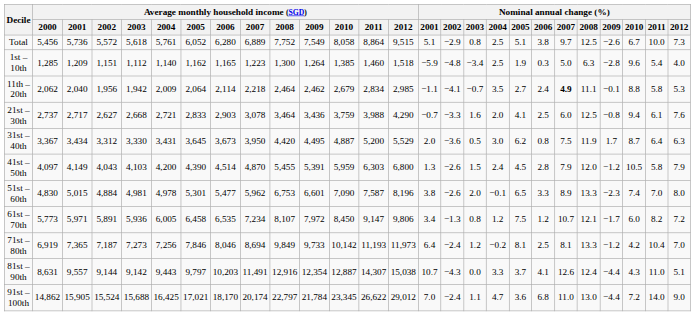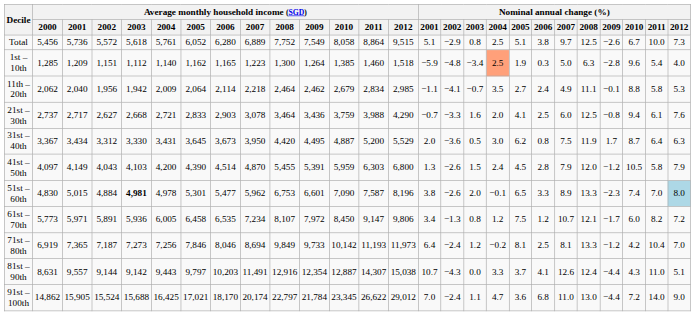 <table class="wikitable" style="text-align:center; font-size: 90%;">
 <tr>
 <th rowspan="2">Decile</th>
 <th colspan="13">Average monthly household income <small>(<a href='#'>SGD</a>)</small></th>
 <th colspan="12">Nominal annual change (%)</th>
 </tr>
 <tr>
 <th>2000</th>
 <th>2001</th>
 <th>2002</th>
 <th>2003</th>
 <th>2004</th>
 <th>2005</th>
 <th>2006</th>
 <th>2007</th>
 <th>2008</th>
 <th>2009</th>
 <th>2010</th>
 <th>2011</th>
 <th>2012</th>
 <th>2001</th>
 <th>2002</th>
 <th>2003</th>
 <th>2004</th>
 <th>2005</th>
 <th>2006</th>
 <th>2007</th>
 <th>2008</th>
 <th>2009</th>
 <th>2010</th>
 <th>2011</th>
 <th>2012</th>
 </tr>
 <tr>
 <td>Total</td>
 <td>5,456</td>
 <td>5,736</td>
 <td>5,572</td>
 <td>5,618</td>
 <td>5,761</td>
 <td>6,052</td>
 <td>6,280</td>
 <td>6,889</td>
 <td>7,752</td>
 <td>7,549</td>
 <td>8,058</td>
 <td>8,864</td>
 <td>9,515</td>
 <td>5.1</td>
 <td>−2.9</td>
 <td>0.8</td>
 <td>2.5</td>
 <td>5.1</td>
 <td>3.8</td>
 <td>9.7</td>
 <td>12.5</td>
 <td>−2.6</td>
 <td>6.7</td>
 <td>10.0</td>
 <td>7.3</td>
 </tr>
 <tr>
 <td>1st – 10th</td>
 <td>1,285</td>
 <td>1,209</td>
 <td>1,151</td>
 <td>1,112</td>
 <td>1,140</td>
 <td>1,162</td>
 <td>1,165</td>
 <td>1,223</td>
 <td>1,300</td>
 <td>1,264</td>
 <td>1,385</td>
 <td>1,460</td>
 <td>1,518</td>
 <td>−5.9</td>
 <td>−4.8</td>
 <td>−3.4</td>
-<td>2.5</td>
+<td style="background: lightsalmon;">2.5</td>
 <td>1.9</td>
 <td>0.3</td>
 <td>5.0</td>
 <td>6.3</td>
 <td>−2.8</td>
 <td>9.6</td>
 <td>5.4</td>
 <td>4.0</td>
 </tr>
 <tr>
 <td>11th – 20th</td>
 <td>2,062</td>
 <td>2,040</td>
 <td>1,956</td>
 <td>1,942</td>
 <td>2,009</td>
 <td>2,064</td>
 <td>2,114</td>
 <td>2,218</td>
 <td>2,464</td>
 <td>2,462</td>
 <td>2,679</td>
 <td>2,834</td>
 <td>2,985</td>
 <td>−1.1</td>
 <td>−4.1</td>
 <td>−0.7</td>
 <td>3.5</td>
 <td>2.7</td>
 <td>2.4</td>
-<td><strong>4.9</strong></td>
+<td>4.9</td>
 <td>11.1</td>
 <td>−0.1</td>
 <td>8.8</td>
 <td>5.8</td>
 <td>5.3</td>
 </tr>
 <tr>
 <td>21st – 30th</td>
 <td>2,737</td>
 <td>2,717</td>
 <td>2,627</td>
 <td>2,668</td>
 <td>2,721</td>
 <td>2,833</td>
 <td>2,903</td>
 <td>3,078</td>
 <td>3,464</td>
 <td>3,436</td>
 <td>3,759</td>
 <td>3,988</td>
 <td>4,290</td>
 <td>−0.7</td>
 <td>−3.3</td>
 <td>1.6</td>
 <td>2.0</td>
 <td>4.1</td>
 <td>2.5</td>
 <td>6.0</td>
 <td>12.5</td>
 <td>−0.8</td>
 <td>9.4</td>
 <td>6.1</td>
 <td>7.6</td>
 </tr>
 <tr>
 <td>31st – 40th</td>
 <td>3,367</td>
 <td>3,434</td>
 <td>3,312</td>
 <td>3,330</td>
 <td>3,431</td>
 <td>3,645</td>
 <td>3,673</td>
 <td>3,950</td>
 <td>4,420</td>
 <td>4,495</td>
 <td>4,887</td>
 <td>5,200</td>
 <td>5,529</td>
 <td>2.0</td>
 <td>−3.6</td>
 <td>0.5</td>
 <td>3.0</td>
 <td>6.2</td>
 <td>0.8</td>
 <td>7.5</td>
 <td>11.9</td>
 <td>1.7</td>
 <td>8.7</td>
 <td>6.4</td>
 <td>6.3</td>
 </tr>
 <tr>
 <td>41st – 50th</td>
 <td>4,097</td>
 <td>4,149</td>
 <td>4,043</td>
 <td>4,103</td>
 <td>4,200</td>
 <td>4,390</td>
 <td>4,514</td>
 <td>4,870</td>
 <td>5,455</td>
 <td>5,391</td>
 <td>5,959</td>
 <td>6,303</td>
 <td>6,800</td>
 <td>1.3</td>
 <td>−2.6</td>
 <td>1.5</td>
 <td>2.4</td>
 <td>4.5</td>
 <td>2.8</td>
 <td>7.9</td>
 <td>12.0</td>
 <td>−1.2</td>
 <td>10.5</td>
 <td>5.8</td>
 <td>7.9</td>
 </tr>
 <tr>
 <td>51st – 60th</td>
 <td>4,830</td>
 <td>5,015</td>
 <td>4,884</td>
-<td>4,981</td>
+<td><strong>4,981</strong></td>
 <td>4,978</td>
 <td>5,301</td>
 <td>5,477</td>
 <td>5,962</td>
 <td>6,753</td>
 <td>6,601</td>
 <td>7,090</td>
 <td>7,587</td>
 <td>8,196</td>
 <td>3.8</td>
 <td>−2.6</td>
 <td>2.0</td>
 <td>−0.1</td>
 <td>6.5</td>
 <td>3.3</td>
 <td>8.9</td>
 <td>13.3</td>
 <td>−2.3</td>
 <td>7.4</td>
 <td>7.0</td>
-<td>8.0</td>
+<td style="background: lightblue;">8.0</td>
 </tr>
 <tr>
 <td>61st – 70th</td>
 <td>5,773</td>
 <td>5,971</td>
 <td>5,891</td>
 <td>5,936</td>
 <td>6,005</td>
 <td>6,458</td>
 <td>6,535</td>
 <td>7,234</td>
 <td>8,107</td>
 <td>7,972</td>
 <td>8,450</td>
 <td>9,147</td>
 <td>9,806</td>
 <td>3.4</td>
 <td>−1.3</td>
 <td>0.8</td>
 <td>1.2</td>
 <td>7.5</td>
 <td>1.2</td>
 <td>10.7</td>
 <td>12.1</td>
 <td>−1.7</td>
 <td>6.0</td>
 <td>8.2</td>
 <td>7.2</td>
 </tr>
 <tr>
 <td>71st – 80th</td>
 <td>6,919</td>
 <td>7,365</td>
 <td>7,187</td>
 <td>7,273</td>
 <td>7,256</td>
 <td>7,846</td>
 <td>8,046</td>
 <td>8,694</td>
 <td>9,849</td>
 <td>9,733</td>
 <td>10,142</td>
 <td>11,193</td>
 <td>11,973</td>
 <td>6.4</td>
 <td>−2.4</td>
 <td>1.2</td>
 <td>−0.2</td>
 <td>8.1</td>
 <td>2.5</td>
 <td>8.1</td>
 <td>13.3</td>
 <td>−1.2</td>
 <td>4.2</td>
 <td>10.4</td>
 <td>7.0</td>
 </tr>
 <tr>
 <td>81st – 90th</td>
 <td>8,631</td>
 <td>9,557</td>
 <td>9,144</td>
 <td>9,142</td>
 <td>9,443</td>
 <td>9,797</td>
 <td>10,203</td>
 <td>11,491</td>
 <td>12,916</td>
 <td>12,354</td>
 <td>12,887</td>
 <td>14,307</td>
 <td>15,038</td>
 <td>10.7</td>
 <td>−4.3</td>
 <td>0.0</td>
 <td>3.3</td>
 <td>3.7</td>
 <td>4.1</td>
 <td>12.6</td>
 <td>12.4</td>
 <td>−4.4</td>
 <td>4.3</td>
 <td>11.0</td>
 <td>5.1</td>
 </tr>
 <tr>
 <td>91st – 100th</td>
 <td>14,862</td>
 <td>15,905</td>
 <td>15,524</td>
 <td>15,688</td>
 <td>16,425</td>
 <td>17,021</td>
 <td>18,170</td>
 <td>20,174</td>
 <td>22,797</td>
 <td>21,784</td>
 <td>23,345</td>
 <td>26,622</td>
 <td>29,012</td>
 <td>7.0</td>
 <td>−2.4</td>
 <td>1.1</td>
 <td>4.7</td>
 <td>3.6</td>
 <td>6.8</td>
 <td>11.0</td>
 <td>13.0</td>
 <td>−4.4</td>
 <td>7.2</td>
 <td>14.0</td>
 <td>9.0</td>
 </tr>
 </table>
